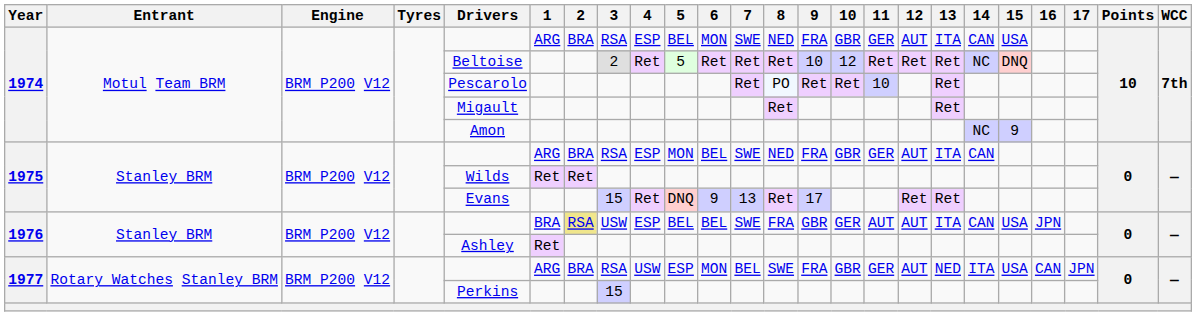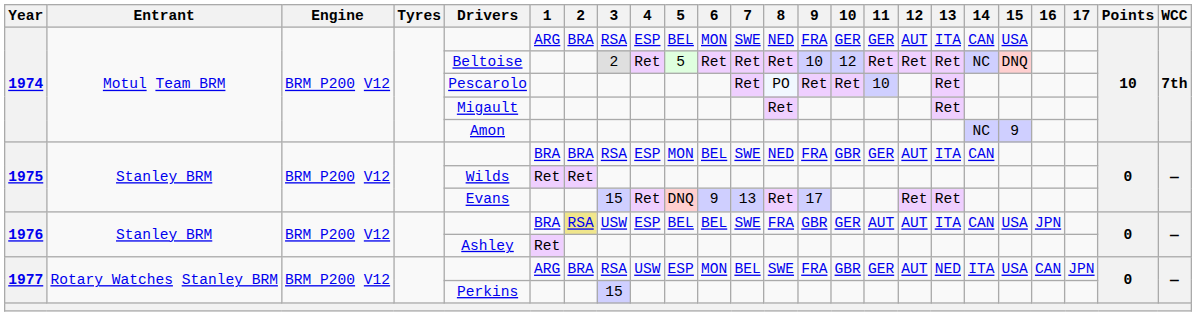 <table class="wikitable" style="text-align:center; font-size:85%">
 <tr>
 <th>Year</th>
 <th>Entrant</th>
 <th>Engine</th>
 <th>Tyres</th>
 <th>Drivers</th>
 <th>1</th>
 <th>2</th>
 <th>3</th>
 <th>4</th>
 <th>5</th>
 <th>6</th>
 <th>7</th>
 <th>8</th>
 <th>9</th>
 <th>10</th>
 <th>11</th>
 <th>12</th>
 <th>13</th>
 <th>14</th>
 <th>15</th>
 <th>16</th>
 <th>17</th>
 <th>Points</th>
 <th>WCC</th>
 </tr>
 <tr>
 <th rowspan="5"><a href='#'>1974</a></th>
 <td rowspan="5"><a href='#'>Motul</a> <a href='#'>Team BRM</a></td>
 <td rowspan="5"><a href='#'>BRM P200</a> <a href='#'>V12</a></td>
 <td rowspan="5"></td>
 <td></td>
 <td><a href='#'>ARG</a></td>
 <td><a href='#'>BRA</a></td>
 <td><a href='#'>RSA</a></td>
 <td><a href='#'>ESP</a></td>
 <td><a href='#'>BEL</a></td>
 <td><a href='#'>MON</a></td>
 <td><a href='#'>SWE</a></td>
 <td><a href='#'>NED</a></td>
 <td><a href='#'>FRA</a></td>
-<td><a href='#'>GBR</a></td>
+<td><a href='#'>GER</a></td>
 <td><a href='#'>GER</a></td>
 <td><a href='#'>AUT</a></td>
 <td><a href='#'>ITA</a></td>
 <td><a href='#'>CAN</a></td>
 <td><a href='#'>USA</a></td>
 <td></td>
 <td></td>
 <th rowspan="5">10</th>
 <th rowspan="5">7th</th>
 </tr>
 <tr>
 <td><a href='#'>Beltoise</a></td>
 <td></td>
 <td></td>
 <td style="background-color:#DFDFDF;">2</td>
 <td style="background:#EFCFFF;">Ret</td>
 <td style="background:#DFFFDF;">5</td>
 <td style="background:#EFCFFF;">Ret</td>
 <td style="background:#EFCFFF;">Ret</td>
 <td style="background:#EFCFFF;">Ret</td>
 <td style="background:#CFCFFF;">10</td>
 <td style="background:#CFCFFF;">12</td>
 <td style="background:#EFCFFF;">Ret</td>
 <td style="background:#EFCFFF;">Ret</td>
 <td style="background:#EFCFFF;">Ret</td>
 <td style="background:#CFCFFF;">NC</td>
 <td style="background:#FFCFCF;">DNQ</td>
 <td></td>
 <td></td>
 </tr>
 <tr>
 <td><a href='#'>Pescarolo</a></td>
 <td></td>
 <td></td>
 <td></td>
 <td></td>
 <td></td>
 <td></td>
 <td style="background:#EFCFFF;">Ret</td>
 <td style="background:#F1F8FF;">PO</td>
 <td style="background:#EFCFFF;">Ret</td>
 <td style="background:#EFCFFF;">Ret</td>
 <td style="background:#CFCFFF;">10</td>
 <td></td>
 <td style="background:#EFCFFF;">Ret</td>
 <td></td>
 <td></td>
 <td></td>
 <td></td>
 </tr>
 <tr>
 <td><a href='#'>Migault</a></td>
 <td></td>
 <td></td>
 <td></td>
 <td></td>
 <td></td>
 <td></td>
 <td></td>
 <td style="background:#EFCFFF;">Ret</td>
 <td></td>
 <td></td>
 <td></td>
 <td></td>
 <td style="background:#EFCFFF;">Ret</td>
 <td></td>
 <td></td>
 <td></td>
 <td></td>
 </tr>
 <tr>
 <td><a href='#'>Amon</a></td>
 <td></td>
 <td></td>
 <td></td>
 <td></td>
 <td></td>
 <td></td>
 <td></td>
 <td></td>
 <td></td>
 <td></td>
 <td></td>
 <td></td>
 <td></td>
 <td style="background:#CFCFFF;">NC</td>
 <td style="background:#CFCFFF;">9</td>
 <td></td>
 <td></td>
 </tr>
 <tr>
 <th rowspan="3"><a href='#'>1975</a></th>
 <td rowspan="3"><a href='#'>Stanley BRM</a></td>
 <td rowspan="3"><a href='#'>BRM P200</a> <a href='#'>V12</a></td>
 <td rowspan="3"></td>
 <td></td>
-<td><a href='#'>ARG</a></td>
+<td><a href='#'>BRA</a></td>
 <td><a href='#'>BRA</a></td>
 <td><a href='#'>RSA</a></td>
 <td><a href='#'>ESP</a></td>
 <td><a href='#'>MON</a></td>
 <td><a href='#'>BEL</a></td>
 <td><a href='#'>SWE</a></td>
 <td><a href='#'>NED</a></td>
 <td><a href='#'>FRA</a></td>
 <td><a href='#'>GBR</a></td>
 <td><a href='#'>GER</a></td>
 <td><a href='#'>AUT</a></td>
 <td><a href='#'>ITA</a></td>
 <td><a href='#'>CAN</a></td>
 <td></td>
 <td></td>
 <td></td>
 <th rowspan="3">0</th>
 <th rowspan="3">—</th>
 </tr>
 <tr>
 <td><a href='#'>Wilds</a></td>
 <td style="background:#EFCFFF;">Ret</td>
 <td style="background:#EFCFFF;">Ret</td>
 <td></td>
 <td></td>
 <td></td>
 <td></td>
 <td></td>
 <td></td>
 <td></td>
 <td></td>
 <td></td>
 <td></td>
 <td></td>
 <td></td>
 <td></td>
 <td></td>
 <td></td>
 </tr>
 <tr>
 <td><a href='#'>Evans</a></td>
 <td></td>
 <td></td>
 <td style="background:#CFCFFF;">15</td>
 <td style="background:#EFCFFF;">Ret</td>
 <td style="background:#FFCFCF;">DNQ</td>
 <td style="background:#CFCFFF;">9</td>
 <td style="background:#CFCFFF;">13</td>
 <td style="background:#EFCFFF;">Ret</td>
 <td style="background:#CFCFFF;">17</td>
 <td></td>
 <td></td>
 <td style="background:#EFCFFF;">Ret</td>
 <td style="background:#EFCFFF;">Ret</td>
 <td></td>
 <td></td>
 <td></td>
 <td></td>
 </tr>
 <tr>
 <th rowspan="2"><a href='#'>1976</a></th>
 <td rowspan="2"><a href='#'>Stanley BRM</a></td>
 <td rowspan="2"><a href='#'>BRM P200</a> <a href='#'>V12</a></td>
 <td rowspan="2"></td>
 <td></td>
 <td><a href='#'>BRA</a></td>
 <td style="background: khaki;"><a href='#'>RSA</a></td>
 <td><a href='#'>USW</a></td>
 <td><a href='#'>ESP</a></td>
 <td><a href='#'>BEL</a></td>
 <td><a href='#'>BEL</a></td>
 <td><a href='#'>SWE</a></td>
 <td><a href='#'>FRA</a></td>
 <td><a href='#'>GBR</a></td>
 <td><a href='#'>GER</a></td>
 <td><a href='#'>AUT</a></td>
 <td><a href='#'>AUT</a></td>
 <td><a href='#'>ITA</a></td>
 <td><a href='#'>CAN</a></td>
 <td><a href='#'>USA</a></td>
 <td><a href='#'>JPN</a></td>
 <td></td>
 <th rowspan="2">0</th>
 <th rowspan="2">—</th>
 </tr>
 <tr>
 <td><a href='#'>Ashley</a></td>
 <td style="background:#EFCFFF;">Ret</td>
 <td></td>
 <td></td>
 <td></td>
 <td></td>
 <td></td>
 <td></td>
 <td></td>
 <td></td>
 <td></td>
 <td></td>
 <td></td>
 <td></td>
 <td></td>
 <td></td>
 <td></td>
 <td></td>
 </tr>
 <tr>
 <th rowspan="2"><a href='#'>1977</a></th>
 <td rowspan="2"><a href='#'>Rotary Watches</a> <a href='#'>Stanley BRM</a></td>
 <td rowspan="2"><a href='#'>BRM P200</a> <a href='#'>V12</a></td>
 <td rowspan="2"></td>
 <td></td>
 <td><a href='#'>ARG</a></td>
 <td><a href='#'>BRA</a></td>
 <td><a href='#'>RSA</a></td>
 <td><a href='#'>USW</a></td>
 <td><a href='#'>ESP</a></td>
 <td><a href='#'>MON</a></td>
 <td><a href='#'>BEL</a></td>
 <td><a href='#'>SWE</a></td>
 <td><a href='#'>FRA</a></td>
 <td><a href='#'>GBR</a></td>
 <td><a href='#'>GER</a></td>
 <td><a href='#'>AUT</a></td>
 <td><a href='#'>NED</a></td>
 <td><a href='#'>ITA</a></td>
 <td><a href='#'>USA</a></td>
 <td><a href='#'>CAN</a></td>
 <td><a href='#'>JPN</a></td>
 <th rowspan="2">0</th>
 <th rowspan="2">—</th>
 </tr>
 <tr>
 <td><a href='#'>Perkins</a></td>
 <td></td>
 <td></td>
 <td style="background:#CFCFFF;">15</td>
 <td></td>
 <td></td>
 <td></td>
 <td></td>
 <td></td>
 <td></td>
 <td></td>
 <td></td>
 <td></td>
 <td></td>
 <td></td>
 <td></td>
 <td></td>
 <td></td>
 </tr>
 <tr>
 <th colspan="24"></th>
 </tr>
 </table>
